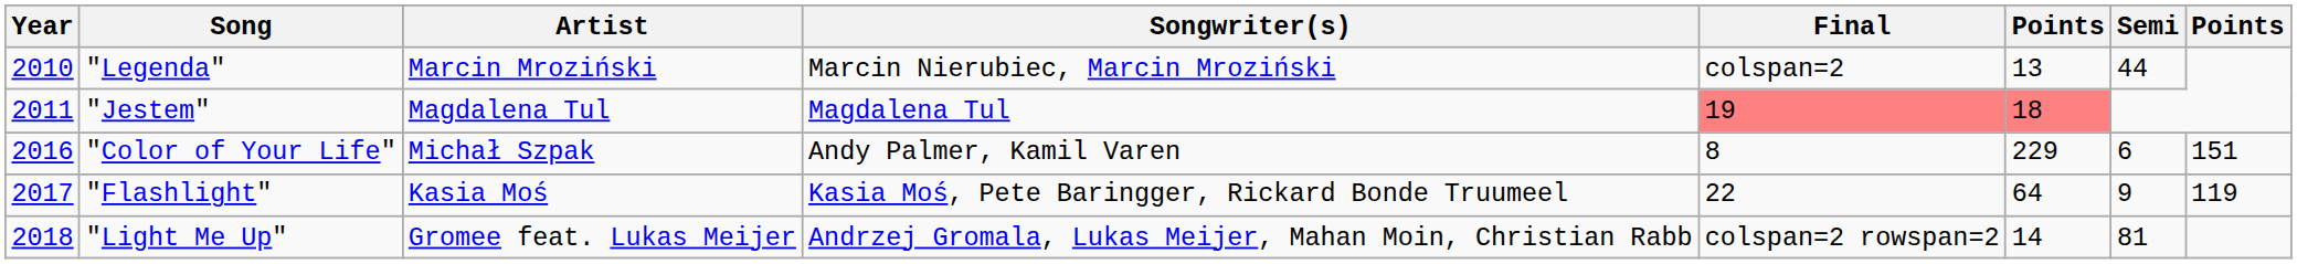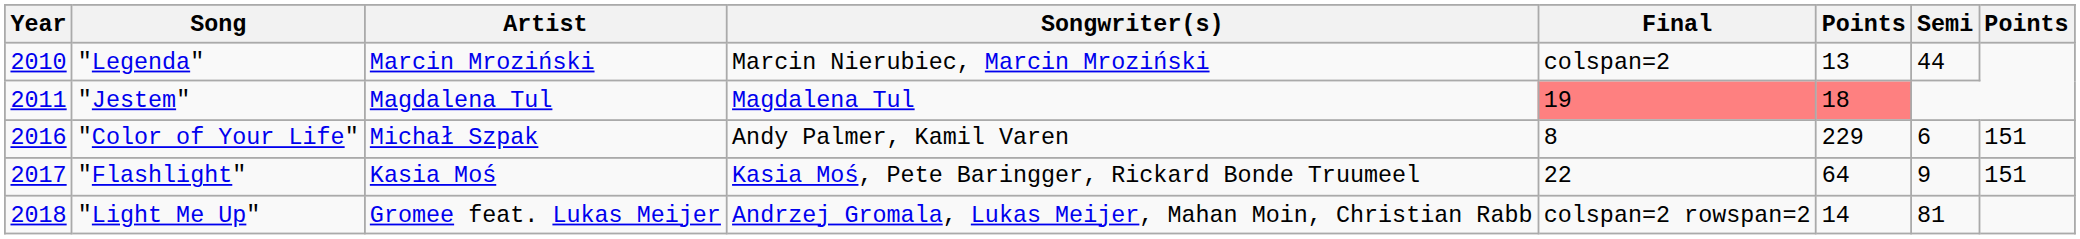 <table class="wikitable sortable">
 <tr>
 <th>Year</th>
 <th>Song</th>
 <th>Artist</th>
 <th>Songwriter(s)</th>
 <th>Final</th>
 <th>Points</th>
 <th>Semi</th>
 <th>Points</th>
 </tr>
 <tr>
 <td><a href='#'>2010</a></td>
 <td>"<a href='#'>Legenda</a>"</td>
 <td><a href='#'>Marcin Mroziński</a></td>
 <td>Marcin Nierubiec, <a href='#'>Marcin Mroziński</a></td>
 <td>colspan=2 </td>
 <td>13</td>
 <td>44</td>
 </tr>
 <tr>
 <td><a href='#'>2011</a></td>
 <td>"<a href='#'>Jestem</a>"</td>
 <td><a href='#'>Magdalena Tul</a></td>
 <td><a href='#'>Magdalena Tul</a></td>
 <td bgcolor="#FE8080">19</td>
 <td bgcolor="#FE8080">18</td>
 </tr>
 <tr>
 <td><a href='#'>2016</a></td>
 <td>"<a href='#'>Color of Your Life</a>"</td>
 <td><a href='#'>Michał Szpak</a></td>
 <td>Andy Palmer, Kamil Varen</td>
 <td>8</td>
 <td>229</td>
 <td>6</td>
 <td>151</td>
 </tr>
 <tr>
 <td><a href='#'>2017</a></td>
 <td>"<a href='#'>Flashlight</a>"</td>
 <td><a href='#'>Kasia Moś</a></td>
 <td><a href='#'>Kasia Moś</a>, Pete Baringger, Rickard Bonde Truumeel</td>
 <td>22</td>
 <td>64</td>
 <td>9</td>
-<td>119</td>
+<td>151</td>
 </tr>
 <tr>
 <td><a href='#'>2018</a></td>
 <td>"<a href='#'>Light Me Up</a>"</td>
 <td><a href='#'>Gromee</a> feat. <a href='#'>Lukas Meijer</a></td>
 <td><a href='#'>Andrzej Gromala</a>, <a href='#'>Lukas Meijer</a>, Mahan Moin, Christian Rabb</td>
 <td>colspan=2 rowspan=2 </td>
 <td>14</td>
 <td>81</td>
 </tr>
 </table>
